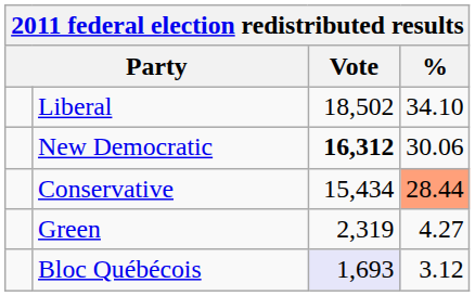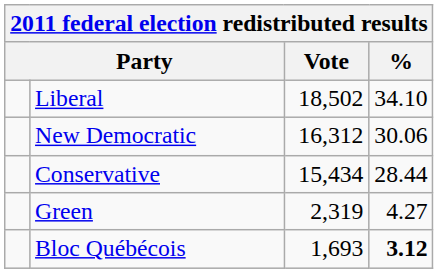 <table class="wikitable">
 <tr>
 <th colspan="4"><a href='#'>2011 federal election</a> redistributed results</th>
 </tr>
 <tr>
 <th bgcolor="#DDDDFF" width="130px" colspan="2">Party</th>
 <th bgcolor="#DDDDFF" width="50px">Vote</th>
 <th bgcolor="#DDDDFF" width="30px">%</th>
 </tr>
 <tr>
 <td> </td>
 <td><a href='#'>Liberal</a></td>
 <td align=right>18,502</td>
 <td align=right>34.10</td>
 </tr>
 <tr>
 <td> </td>
 <td><a href='#'>New Democratic</a></td>
-<td align=right><strong>16,312</strong></td>
+<td align=right>16,312</td>
 <td align=right>30.06</td>
 </tr>
 <tr>
 <td> </td>
 <td><a href='#'>Conservative</a></td>
 <td align=right>15,434</td>
-<td align=right style="background: lightsalmon;">28.44</td>
+<td align=right>28.44</td>
 </tr>
 <tr>
 <td> </td>
 <td><a href='#'>Green</a></td>
 <td align=right>2,319</td>
 <td align=right>4.27</td>
 </tr>
 <tr>
 <td> </td>
 <td><a href='#'>Bloc Québécois</a></td>
-<td align=right style="background: lavender;">1,693</td>
-<td align=right>3.12</td>
+<td align=right>1,693</td>
+<td align=right><strong>3.12</strong></td>
 </tr>
 </table>
